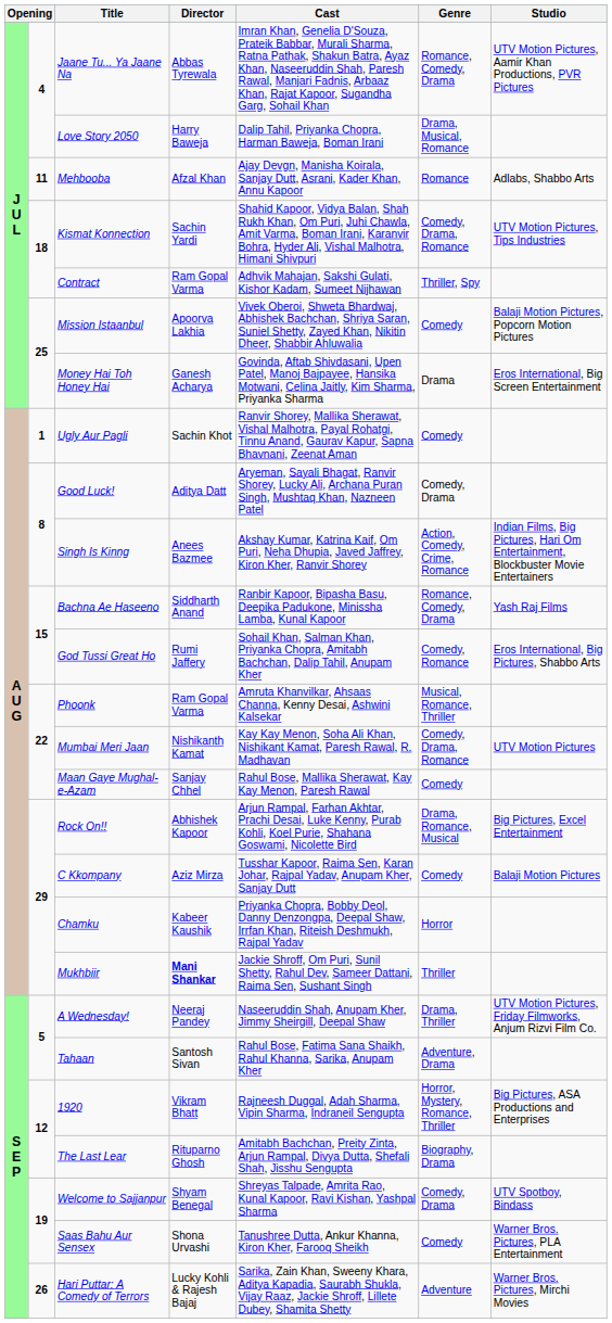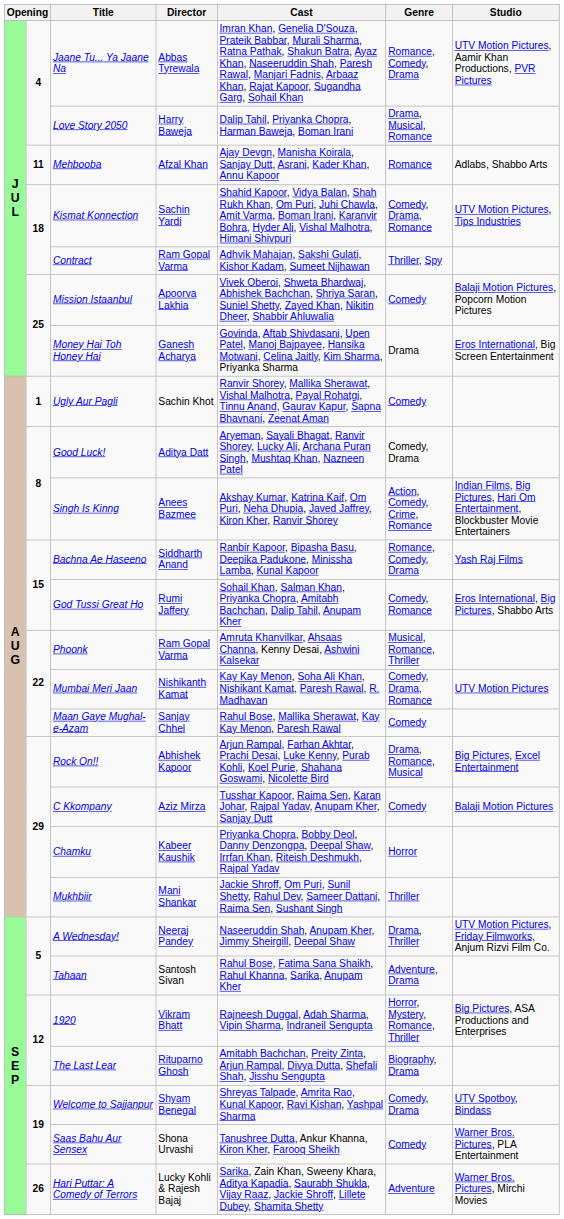 <table class="wikitable">
 <tr style="background:#b0e0e6; text-align:center;">
 <th colspan="2"><strong>Opening</strong></th>
 <th style="width:19%;"><strong>Title</strong></th>
 <th><strong>Director</strong></th>
 <th><strong>Cast</strong></th>
 <th><strong>Genre</strong></th>
 <th><strong>Studio</strong></th>
 </tr>
 <tr>
 <td rowspan="7"   style="text-align:center; background:#98fb98; textcolor:#000;"><big><strong>J<br>U<br>L</strong></big></td>
 <td rowspan="2" style="text-align:center;"><strong>4</strong></td>
 <td><em><a href='#'>Jaane Tu... Ya Jaane Na</a></em></td>
 <td><a href='#'>Abbas Tyrewala</a></td>
 <td><a href='#'>Imran Khan</a>, <a href='#'>Genelia D'Souza</a>, <a href='#'>Prateik Babbar</a>, <a href='#'>Murali Sharma</a>, <a href='#'>Ratna Pathak</a>, <a href='#'>Shakun Batra</a>, <a href='#'>Ayaz Khan</a>, <a href='#'>Naseeruddin Shah</a>, <a href='#'>Paresh Rawal</a>, <a href='#'>Manjari Fadnis</a>, <a href='#'>Arbaaz Khan</a>, <a href='#'>Rajat Kapoor</a>, <a href='#'>Sugandha Garg</a>, <a href='#'>Sohail Khan</a></td>
 <td><a href='#'>Romance</a>, <a href='#'>Comedy</a>, <a href='#'>Drama</a></td>
 <td><a href='#'>UTV Motion Pictures</a>, Aamir Khan Productions, <a href='#'>PVR Pictures</a></td>
 </tr>
 <tr>
 <td><em><a href='#'>Love Story 2050</a></em></td>
 <td><a href='#'>Harry Baweja</a></td>
 <td><a href='#'>Dalip Tahil</a>, <a href='#'>Priyanka Chopra</a>, <a href='#'>Harman Baweja</a>, <a href='#'>Boman Irani</a></td>
 <td><a href='#'>Drama</a>, <a href='#'>Musical</a>, <a href='#'>Romance</a></td>
 <td></td>
 </tr>
 <tr>
 <td style="text-align:center;"><strong>11</strong></td>
 <td><em><a href='#'>Mehbooba</a></em></td>
 <td><a href='#'>Afzal Khan</a></td>
 <td><a href='#'>Ajay Devgn</a>, <a href='#'>Manisha Koirala</a>, <a href='#'>Sanjay Dutt</a>, <a href='#'>Asrani</a>, <a href='#'>Kader Khan</a>, <a href='#'>Annu Kapoor</a></td>
 <td><a href='#'>Romance</a></td>
 <td>Adlabs, Shabbo Arts</td>
 </tr>
 <tr>
 <td rowspan="2" style="text-align:center;"><strong>18</strong></td>
 <td><em><a href='#'>Kismat Konnection</a></em></td>
 <td><a href='#'>Sachin Yardi</a></td>
 <td><a href='#'>Shahid Kapoor</a>, <a href='#'>Vidya Balan</a>, <a href='#'>Shah Rukh Khan</a>, <a href='#'>Om Puri</a>, <a href='#'>Juhi Chawla</a>, <a href='#'>Amit Varma</a>, <a href='#'>Boman Irani</a>, <a href='#'>Karanvir Bohra</a>, <a href='#'>Hyder Ali</a>, <a href='#'>Vishal Malhotra</a>, <a href='#'>Himani Shivpuri</a></td>
 <td><a href='#'>Comedy</a>, <a href='#'>Drama</a>, <a href='#'>Romance</a></td>
 <td><a href='#'>UTV Motion Pictures</a>, <a href='#'>Tips Industries</a></td>
 </tr>
 <tr>
 <td><em><a href='#'>Contract</a></em></td>
 <td><a href='#'>Ram Gopal Varma</a></td>
 <td><a href='#'>Adhvik Mahajan</a>, <a href='#'>Sakshi Gulati</a>, <a href='#'>Kishor Kadam</a>, <a href='#'>Sumeet Nijhawan</a></td>
 <td><a href='#'>Thriller</a>, <a href='#'>Spy</a></td>
 <td></td>
 </tr>
 <tr>
 <td rowspan="2" style="text-align:center;"><strong>25</strong></td>
 <td><em><a href='#'>Mission Istaanbul</a></em></td>
 <td><a href='#'>Apoorva Lakhia</a></td>
 <td><a href='#'>Vivek Oberoi</a>, <a href='#'>Shweta Bhardwaj</a>, <a href='#'>Abhishek Bachchan</a>, <a href='#'>Shriya Saran</a>, <a href='#'>Suniel Shetty</a>, <a href='#'>Zayed Khan</a>, <a href='#'>Nikitin Dheer</a>, <a href='#'>Shabbir Ahluwalia</a></td>
 <td><a href='#'>Comedy</a></td>
 <td><a href='#'>Balaji Motion Pictures</a>, Popcorn Motion Pictures</td>
 </tr>
 <tr>
 <td><em><a href='#'>Money Hai Toh Honey Hai</a></em></td>
 <td><a href='#'>Ganesh Acharya</a></td>
 <td><a href='#'>Govinda</a>, <a href='#'>Aftab Shivdasani</a>, <a href='#'>Upen Patel</a>, <a href='#'>Manoj Bajpayee</a>, <a href='#'>Hansika Motwani</a>, <a href='#'>Celina Jaitly</a>, <a href='#'>Kim Sharma</a>, Priyanka Sharma</td>
 <td>Drama</td>
 <td><a href='#'>Eros International</a>, Big Screen Entertainment</td>
 </tr>
 <tr>
 <td rowspan="12"   style="text-align:center; background:#d9c1b0; textcolor:#000;"><big><strong>A<br>U<br>G</strong></big></td>
 <td style="text-align:center;"><strong>1</strong></td>
 <td><em><a href='#'>Ugly Aur Pagli</a></em></td>
 <td>Sachin Khot</td>
 <td><a href='#'>Ranvir Shorey</a>, <a href='#'>Mallika Sherawat</a>, <a href='#'>Vishal Malhotra</a>, <a href='#'>Payal Rohatgi</a>, <a href='#'>Tinnu Anand</a>, <a href='#'>Gaurav Kapur</a>, <a href='#'>Sapna Bhavnani</a>, <a href='#'>Zeenat Aman</a></td>
 <td><a href='#'>Comedy</a></td>
 <td></td>
 </tr>
 <tr>
 <td rowspan="2" style="text-align:center;"><strong>8</strong></td>
 <td><em><a href='#'>Good Luck!</a></em></td>
 <td><a href='#'>Aditya Datt</a></td>
 <td><a href='#'>Aryeman</a>, <a href='#'>Sayali Bhagat</a>, <a href='#'>Ranvir Shorey</a>, <a href='#'>Lucky Ali</a>, <a href='#'>Archana Puran Singh</a>, <a href='#'>Mushtaq Khan</a>, <a href='#'>Nazneen Patel</a></td>
 <td>Comedy, Drama</td>
 <td></td>
 </tr>
 <tr>
 <td><em><a href='#'>Singh Is Kinng</a></em></td>
 <td><a href='#'>Anees Bazmee</a></td>
 <td><a href='#'>Akshay Kumar</a>, <a href='#'>Katrina Kaif</a>, <a href='#'>Om Puri</a>, <a href='#'>Neha Dhupia</a>, <a href='#'>Javed Jaffrey</a>, <a href='#'>Kiron Kher</a>, <a href='#'>Ranvir Shorey</a></td>
 <td><a href='#'>Action</a>, <a href='#'>Comedy</a>, <a href='#'>Crime</a>, <a href='#'>Romance</a></td>
 <td><a href='#'>Indian Films</a>, <a href='#'>Big Pictures</a>, <a href='#'>Hari Om Entertainment</a>, Blockbuster Movie Entertainers</td>
 </tr>
 <tr>
 <td rowspan="2" style="text-align:center;"><strong>15</strong></td>
 <td><em><a href='#'>Bachna Ae Haseeno</a></em></td>
 <td><a href='#'>Siddharth Anand</a></td>
 <td><a href='#'>Ranbir Kapoor</a>, <a href='#'>Bipasha Basu</a>, <a href='#'>Deepika Padukone</a>, <a href='#'>Minissha Lamba</a>, <a href='#'>Kunal Kapoor</a></td>
 <td><a href='#'>Romance</a>, <a href='#'>Comedy</a>, <a href='#'>Drama</a></td>
 <td><a href='#'>Yash Raj Films</a></td>
 </tr>
 <tr>
 <td><em><a href='#'>God Tussi Great Ho</a></em></td>
 <td><a href='#'>Rumi Jaffery</a></td>
 <td><a href='#'>Sohail Khan</a>, <a href='#'>Salman Khan</a>, <a href='#'>Priyanka Chopra</a>, <a href='#'>Amitabh Bachchan</a>, <a href='#'>Dalip Tahil</a>, <a href='#'>Anupam Kher</a></td>
 <td><a href='#'>Comedy</a>, <a href='#'>Romance</a></td>
 <td><a href='#'>Eros International</a>, <a href='#'>Big Pictures</a>, Shabbo Arts</td>
 </tr>
 <tr>
 <td rowspan="3" style="text-align:center;"><strong>22</strong></td>
 <td><em><a href='#'>Phoonk</a></em></td>
 <td><a href='#'>Ram Gopal Varma</a></td>
 <td><a href='#'>Amruta Khanvilkar</a>, <a href='#'>Ahsaas Channa</a>, Kenny Desai, <a href='#'>Ashwini Kalsekar</a></td>
 <td><a href='#'>Musical</a>, <a href='#'>Romance</a>, <a href='#'>Thriller</a></td>
 <td></td>
 </tr>
 <tr>
 <td><em><a href='#'>Mumbai Meri Jaan</a></em></td>
 <td><a href='#'>Nishikanth Kamat</a></td>
 <td><a href='#'>Kay Kay Menon</a>, <a href='#'>Soha Ali Khan</a>, <a href='#'>Nishikant Kamat</a>, <a href='#'>Paresh Rawal</a>, <a href='#'>R. Madhavan</a></td>
 <td><a href='#'>Comedy</a>, <a href='#'>Drama</a>, <a href='#'>Romance</a></td>
 <td><a href='#'>UTV Motion Pictures</a></td>
 </tr>
 <tr>
 <td><em><a href='#'>Maan Gaye Mughal-e-Azam</a></em></td>
 <td><a href='#'>Sanjay Chhel</a></td>
 <td><a href='#'>Rahul Bose</a>, <a href='#'>Mallika Sherawat</a>, <a href='#'>Kay Kay Menon</a>, <a href='#'>Paresh Rawal</a></td>
 <td><a href='#'>Comedy</a></td>
 <td></td>
 </tr>
 <tr>
 <td rowspan="4" style="text-align:center;"><strong>29</strong></td>
 <td><em><a href='#'>Rock On!!</a></em></td>
 <td><a href='#'>Abhishek Kapoor</a></td>
 <td><a href='#'>Arjun Rampal</a>, <a href='#'>Farhan Akhtar</a>, <a href='#'>Prachi Desai</a>, <a href='#'>Luke Kenny</a>, <a href='#'>Purab Kohli</a>, <a href='#'>Koel Purie</a>, <a href='#'>Shahana Goswami</a>, <a href='#'>Nicolette Bird</a></td>
 <td><a href='#'>Drama</a>, <a href='#'>Romance</a>, <a href='#'>Musical</a></td>
 <td><a href='#'>Big Pictures</a>, <a href='#'>Excel Entertainment</a></td>
 </tr>
 <tr>
 <td><em><a href='#'>C Kkompany</a></em></td>
 <td><a href='#'>Aziz Mirza</a></td>
 <td><a href='#'>Tusshar Kapoor</a>, <a href='#'>Raima Sen</a>, <a href='#'>Karan Johar</a>, <a href='#'>Rajpal Yadav</a>, <a href='#'>Anupam Kher</a>, <a href='#'>Sanjay Dutt</a></td>
 <td><a href='#'>Comedy</a></td>
 <td><a href='#'>Balaji Motion Pictures</a></td>
 </tr>
 <tr>
 <td><em><a href='#'>Chamku</a></em></td>
 <td><a href='#'>Kabeer Kaushik</a></td>
 <td><a href='#'>Priyanka Chopra</a>, <a href='#'>Bobby Deol</a>, <a href='#'>Danny Denzongpa</a>, <a href='#'>Deepal Shaw</a>, <a href='#'>Irrfan Khan</a>, <a href='#'>Riteish Deshmukh</a>, <a href='#'>Rajpal Yadav</a></td>
 <td><a href='#'>Horror</a></td>
 <td></td>
 </tr>
 <tr>
 <td><em><a href='#'>Mukhbiir</a></em></td>
-<td><strong><a href='#'>Mani Shankar</a></strong></td>
+<td><a href='#'>Mani Shankar</a></td>
 <td><a href='#'>Jackie Shroff</a>, <a href='#'>Om Puri</a>, <a href='#'>Sunil Shetty</a>, <a href='#'>Rahul Dev</a>, <a href='#'>Sameer Dattani</a>, <a href='#'>Raima Sen</a>, <a href='#'>Sushant Singh</a></td>
 <td><a href='#'>Thriller</a></td>
 <td></td>
 </tr>
 <tr>
 <td rowspan="7"   style="text-align:center; background:#98fb98; textcolor:#000;"><big><strong>S<br>E<br>P</strong></big></td>
 <td rowspan="2" style="text-align:center;"><strong>5</strong></td>
 <td><em><a href='#'>A Wednesday!</a></em></td>
 <td><a href='#'>Neeraj Pandey</a></td>
 <td><a href='#'>Naseeruddin Shah</a>, <a href='#'>Anupam Kher</a>, <a href='#'>Jimmy Sheirgill</a>, <a href='#'>Deepal Shaw</a></td>
 <td><a href='#'>Drama</a>, <a href='#'>Thriller</a></td>
 <td><a href='#'>UTV Motion Pictures</a>, <a href='#'>Friday Filmworks</a>, Anjum Rizvi Film Co.</td>
 </tr>
 <tr>
 <td><em><a href='#'>Tahaan</a></em></td>
 <td>Santosh Sivan</td>
 <td><a href='#'>Rahul Bose</a>, <a href='#'>Fatima Sana Shaikh</a>, <a href='#'>Rahul Khanna</a>, <a href='#'>Sarika</a>, <a href='#'>Anupam Kher</a></td>
 <td><a href='#'>Adventure</a>, <a href='#'>Drama</a></td>
 <td></td>
 </tr>
 <tr>
 <td rowspan="2" style="text-align:center;"><strong>12</strong></td>
 <td><em><a href='#'>1920</a></em></td>
 <td><a href='#'>Vikram Bhatt</a></td>
 <td><a href='#'>Rajneesh Duggal</a>, <a href='#'>Adah Sharma</a>, <a href='#'>Vipin Sharma</a>, <a href='#'>Indraneil Sengupta</a></td>
 <td><a href='#'>Horror</a>, <a href='#'>Mystery</a>, <a href='#'>Romance</a>, <a href='#'>Thriller</a></td>
 <td><a href='#'>Big Pictures</a>, ASA Productions and Enterprises</td>
 </tr>
 <tr>
 <td><em><a href='#'>The Last Lear</a></em></td>
 <td><a href='#'>Rituparno Ghosh</a></td>
 <td><a href='#'>Amitabh Bachchan</a>, <a href='#'>Preity Zinta</a>, <a href='#'>Arjun Rampal</a>, <a href='#'>Divya Dutta</a>, <a href='#'>Shefali Shah</a>, <a href='#'>Jisshu Sengupta</a></td>
 <td><a href='#'>Biography</a>, <a href='#'>Drama</a></td>
 <td></td>
 </tr>
 <tr>
 <td rowspan="2" style="text-align:center;"><strong>19</strong></td>
 <td><em><a href='#'>Welcome to Sajjanpur</a></em></td>
 <td><a href='#'>Shyam Benegal</a></td>
 <td><a href='#'>Shreyas Talpade</a>, <a href='#'>Amrita Rao</a>, <a href='#'>Kunal Kapoor</a>, <a href='#'>Ravi Kishan</a>, <a href='#'>Yashpal Sharma</a></td>
 <td><a href='#'>Comedy</a>, <a href='#'>Drama</a></td>
 <td><a href='#'>UTV Spotboy</a>, <a href='#'>Bindass</a></td>
 </tr>
 <tr>
 <td><em><a href='#'>Saas Bahu Aur Sensex</a></em></td>
 <td>Shona Urvashi</td>
 <td><a href='#'>Tanushree Dutta</a>, Ankur Khanna, <a href='#'>Kiron Kher</a>, <a href='#'>Farooq Sheikh</a></td>
 <td><a href='#'>Comedy</a></td>
 <td><a href='#'>Warner Bros. Pictures</a>, PLA Entertainment</td>
 </tr>
 <tr>
 <td style="text-align:center;"><strong>26</strong></td>
 <td><em><a href='#'>Hari Puttar: A Comedy of Terrors</a></em></td>
 <td>Lucky Kohli & Rajesh Bajaj</td>
 <td><a href='#'>Sarika</a>, Zain Khan, Sweeny Khara, <a href='#'>Aditya Kapadia</a>, <a href='#'>Saurabh Shukla</a>, <a href='#'>Vijay Raaz</a>, <a href='#'>Jackie Shroff</a>, <a href='#'>Lillete Dubey</a>, <a href='#'>Shamita Shetty</a></td>
 <td><a href='#'>Adventure</a></td>
 <td><a href='#'>Warner Bros. Pictures</a>, Mirchi Movies</td>
 </tr>
 </table>
